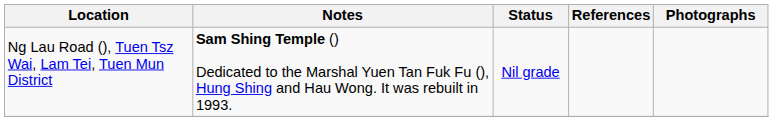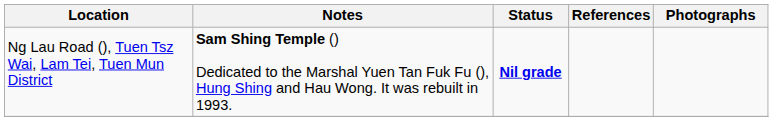 <table class="wikitable sortable" style="width:95%">
 <tr>
 <th width="25%">Location</th>
 <th width="40%">Notes</th>
 <th width="10%">Status</th>
 <th width="10%">References</th>
 <th width="15%">Photographs</th>
 </tr>
 <tr>
 <td>Ng Lau Road (), <a href='#'>Tuen Tsz Wai</a>, <a href='#'>Lam Tei</a>, <a href='#'>Tuen Mun District</a><br><br></td>
 <td><strong>Sam Shing Temple</strong> ()<br><br>Dedicated to the Marshal Yuen Tan Fuk Fu (), <a href='#'>Hung Shing</a> and Hau Wong. It was rebuilt in 1993.</td>
-<td style="text-align:center"><a href='#'>Nil grade</a></td>
+<td style="text-align:center"><strong><a href='#'>Nil grade</a></strong></td>
 <td>  </td>
 <td></td>
 </tr>
 <tr>
 </tr>
 </table>
